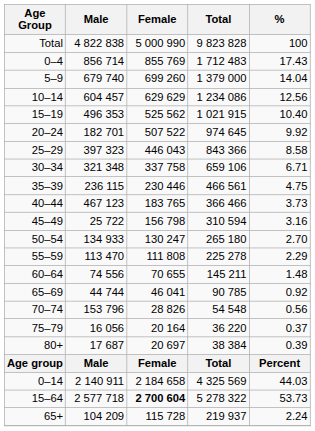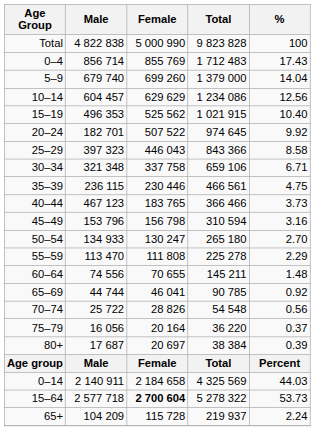 <table class="wikitable">
 <tr>
 <th width="80pt">Age Group</th>
 <th width="80pt">Male</th>
 <th width="80pt">Female</th>
 <th width="80pt">Total</th>
 <th width="80pt">%</th>
 </tr>
 <tr>
 <td align="right">Total</td>
 <td align="right">4 822 838</td>
 <td align="right">5 000 990</td>
 <td align="right">9 823 828</td>
 <td align="right">100</td>
 </tr>
 <tr>
 <td align="right">0–4</td>
 <td align="right">856 714</td>
 <td align="right">855 769</td>
 <td align="right">1 712 483</td>
 <td align="right">17.43</td>
 </tr>
 <tr>
 <td align="right">5–9</td>
 <td align="right">679 740</td>
 <td align="right">699 260</td>
 <td align="right">1 379 000</td>
 <td align="right">14.04</td>
 </tr>
 <tr>
 <td align="right">10–14</td>
 <td align="right">604 457</td>
 <td align="right">629 629</td>
 <td align="right">1 234 086</td>
 <td align="right">12.56</td>
 </tr>
 <tr>
 <td align="right">15–19</td>
 <td align="right">496 353</td>
 <td align="right">525 562</td>
 <td align="right">1 021 915</td>
 <td align="right">10.40</td>
 </tr>
 <tr>
 <td align="right">20–24</td>
 <td align="right">182 701</td>
 <td align="right">507 522</td>
 <td align="right">974 645</td>
 <td align="right">9.92</td>
 </tr>
 <tr>
 <td align="right">25–29</td>
 <td align="right">397 323</td>
 <td align="right">446 043</td>
 <td align="right">843 366</td>
 <td align="right">8.58</td>
 </tr>
 <tr>
 <td align="right">30–34</td>
 <td align="right">321 348</td>
 <td align="right">337 758</td>
 <td align="right">659 106</td>
 <td align="right">6.71</td>
 </tr>
 <tr>
 <td align="right">35–39</td>
 <td align="right">236 115</td>
 <td align="right">230 446</td>
 <td align="right">466 561</td>
 <td align="right">4.75</td>
 </tr>
 <tr>
 <td align="right">40–44</td>
 <td align="right">467 123</td>
 <td align="right">183 765</td>
 <td align="right">366 466</td>
 <td align="right">3.73</td>
 </tr>
 <tr>
 <td align="right">45–49</td>
-<td align="right">25 722</td>
+<td align="right">153 796</td>
 <td align="right">156 798</td>
 <td align="right">310 594</td>
 <td align="right">3.16</td>
 </tr>
 <tr>
 <td align="right">50–54</td>
 <td align="right">134 933</td>
 <td align="right">130 247</td>
 <td align="right">265 180</td>
 <td align="right">2.70</td>
 </tr>
 <tr>
 <td align="right">55–59</td>
 <td align="right">113 470</td>
 <td align="right">111 808</td>
 <td align="right">225 278</td>
 <td align="right">2.29</td>
 </tr>
 <tr>
 <td align="right">60–64</td>
 <td align="right">74 556</td>
 <td align="right">70 655</td>
 <td align="right">145 211</td>
 <td align="right">1.48</td>
 </tr>
 <tr>
 <td align="right">65–69</td>
 <td align="right">44 744</td>
 <td align="right">46 041</td>
 <td align="right">90 785</td>
 <td align="right">0.92</td>
 </tr>
 <tr>
 <td align="right">70–74</td>
-<td align="right">153 796</td>
+<td align="right">25 722</td>
 <td align="right">28 826</td>
 <td align="right">54 548</td>
 <td align="right">0.56</td>
 </tr>
 <tr>
 <td align="right">75–79</td>
 <td align="right">16 056</td>
 <td align="right">20 164</td>
 <td align="right">36 220</td>
 <td align="right">0.37</td>
 </tr>
 <tr>
 <td align="right">80+</td>
 <td align="right">17 687</td>
 <td align="right">20 697</td>
 <td align="right">38 384</td>
 <td align="right">0.39</td>
 </tr>
 <tr>
 <th width="50">Age group</th>
 <th width="80pt">Male</th>
 <th width="80">Female</th>
 <th width="80">Total</th>
 <th width="50">Percent</th>
 </tr>
 <tr>
 <td align="right">0–14</td>
 <td align="right">2 140 911</td>
 <td align="right">2 184 658</td>
 <td align="right">4 325 569</td>
 <td align="right">44.03</td>
 </tr>
 <tr>
 <td align="right">15–64</td>
 <td align="right">2 577 718</td>
 <td align="right"><strong>2 700 604</strong></td>
 <td align="right">5 278 322</td>
 <td align="right">53.73</td>
 </tr>
 <tr>
 <td align="right">65+</td>
 <td align="right">104 209</td>
 <td align="right">115 728</td>
 <td align="right">219 937</td>
 <td align="right">2.24</td>
 </tr>
 <tr>
 </tr>
 </table>
